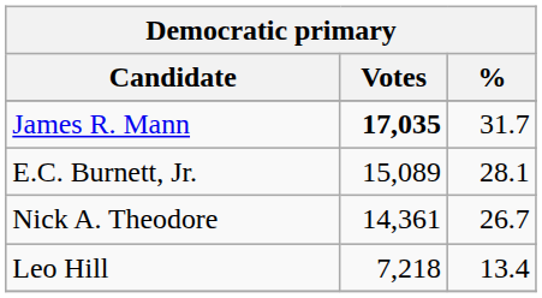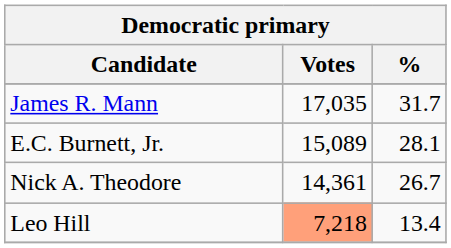 <table class="wikitable" align="left" style="margin: 1em 1em 1em 0; font-size: 95%;">
 <tr>
 <th colspan="3">Democratic primary</th>
 </tr>
 <tr>
 <th colspan="1" style="width: 170px">Candidate</th>
 <th style="width: 50px">Votes</th>
 <th style="width: 40px">%</th>
 </tr>
 <tr>
 </tr>
 <tr>
 <td><a href='#'>James R. Mann</a></td>
-<td align="right"><strong>17,035</strong></td>
+<td align="right">17,035</td>
 <td align="right">31.7</td>
 </tr>
 <tr>
 <td>E.C. Burnett, Jr.</td>
 <td align="right">15,089</td>
 <td align="right">28.1</td>
 </tr>
 <tr>
 <td>Nick A. Theodore</td>
 <td align="right">14,361</td>
 <td align="right">26.7</td>
 </tr>
 <tr>
 <td>Leo Hill</td>
-<td align="right">7,218</td>
+<td align="right" style="background: lightsalmon;">7,218</td>
 <td align="right">13.4</td>
 </tr>
 <tr>
 </tr>
 </table>
